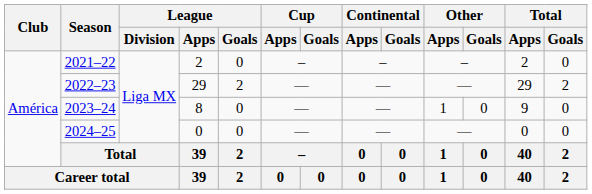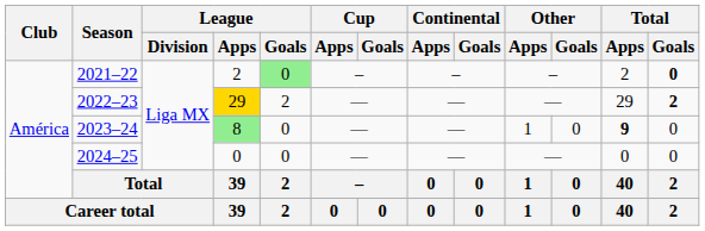 <table class="wikitable" style="text-align: center">
 <tr>
 <th rowspan="2">Club</th>
 <th rowspan="2">Season</th>
 <th colspan="3">League</th>
 <th colspan="2">Cup</th>
 <th colspan="2">Continental</th>
 <th colspan="2">Other</th>
 <th colspan="2">Total</th>
 </tr>
 <tr>
 <th>Division</th>
 <th>Apps</th>
 <th>Goals</th>
 <th>Apps</th>
 <th>Goals</th>
 <th>Apps</th>
 <th>Goals</th>
 <th>Apps</th>
 <th>Goals</th>
 <th>Apps</th>
 <th>Goals</th>
 </tr>
 <tr>
 <td rowspan="5"><a href='#'>América</a></td>
 <td><a href='#'>2021–22</a></td>
 <td rowspan="4"><a href='#'>Liga MX</a></td>
 <td>2</td>
-<td>0</td>
+<td style="background: lightgreen;">0</td>
 <td colspan="2">–</td>
 <td colspan="2">–</td>
 <td colspan="2">–</td>
 <td>2</td>
-<td>0</td>
+<td><strong>0</strong></td>
 </tr>
 <tr>
 <td><a href='#'>2022–23</a></td>
-<td>29</td>
+<td style="background: gold;">29</td>
 <td>2</td>
 <td colspan="2">—</td>
 <td colspan="2">—</td>
 <td colspan="2">—</td>
 <td>29</td>
-<td>2</td>
+<td><strong>2</strong></td>
 </tr>
 <tr>
 <td><a href='#'>2023–24</a></td>
-<td>8</td>
+<td style="background: lightgreen;">8</td>
 <td>0</td>
 <td colspan="2">—</td>
 <td colspan="2">—</td>
 <td>1</td>
 <td>0</td>
-<td>9</td>
+<td><strong>9</strong></td>
 <td>0</td>
 </tr>
 <tr>
 <td><a href='#'>2024–25</a></td>
 <td>0</td>
 <td>0</td>
 <td colspan="2">—</td>
 <td colspan="2">—</td>
 <td colspan="2">—</td>
 <td>0</td>
 <td>0</td>
 </tr>
 <tr>
 <th colspan="2">Total</th>
 <th>39</th>
 <th>2</th>
 <th colspan="2">–</th>
 <th>0</th>
 <th>0</th>
 <th>1</th>
 <th>0</th>
 <th>40</th>
 <th>2</th>
 </tr>
 <tr>
 <th colspan="3"><strong>Career total</strong></th>
 <th>39</th>
 <th>2</th>
 <th>0</th>
 <th>0</th>
 <th>0</th>
 <th>0</th>
 <th>1</th>
 <th>0</th>
 <th>40</th>
 <th>2</th>
 </tr>
 </table>
